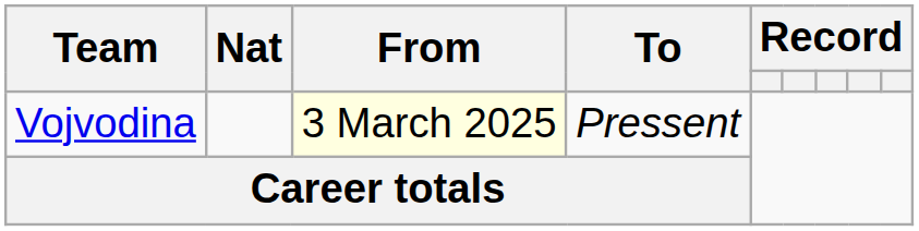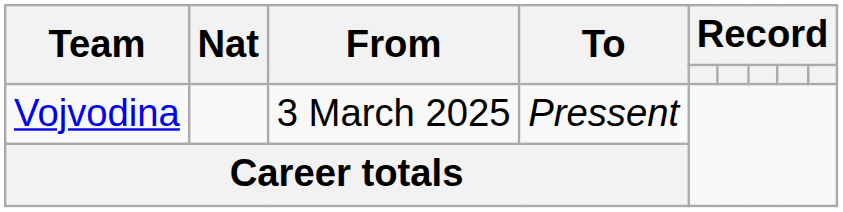 <table class="wikitable" style="text-align: center">
 <tr>
 <th rowspan=2>Team</th>
 <th rowspan=2>Nat</th>
 <th rowspan=2>From</th>
 <th rowspan=2>To</th>
 <th colspan=8>Record</th>
 </tr>
 <tr>
 <th></th>
 <th></th>
 <th></th>
 <th></th>
 <th></th>
 </tr>
 <tr>
 <td align=left><a href='#'>Vojvodina</a></td>
 <td></td>
-<td align=left style="background: lightyellow;">3 March 2025</td>
+<td align=left>3 March 2025</td>
 <td align=left><em>Pressent</em><br></td>
 </tr>
 <tr>
 <th colspan=4>Career totals<br></th>
 </tr>
 </table>
